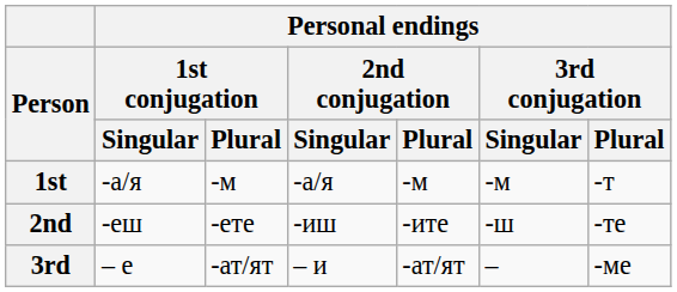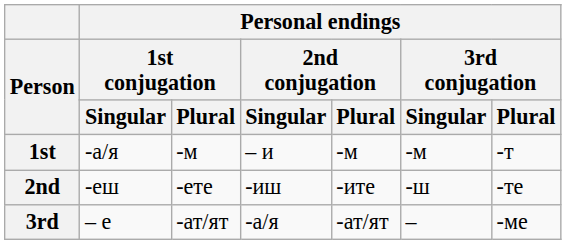 <table class="wikitable">
 <tr>
 <th></th>
 <th colspan="6">Personal endings</th>
 </tr>
 <tr>
 <th rowspan="2">Person</th>
 <th colspan="2">1st<br>conjugation</th>
 <th colspan="2">2nd<br>conjugation</th>
 <th colspan="2">3rd<br>conjugation</th>
 </tr>
 <tr>
 <th>Singular</th>
 <th>Plural</th>
 <th>Singular</th>
 <th>Plural</th>
 <th>Singular</th>
 <th>Plural</th>
 </tr>
 <tr>
 <th>1st</th>
 <td>-а/я</td>
 <td>-м</td>
-<td>-а/я</td>
+<td>– и</td>
 <td>-м</td>
 <td>-м</td>
 <td>-т</td>
 </tr>
 <tr>
 <th>2nd</th>
 <td>-еш</td>
 <td>-ете</td>
 <td>-иш</td>
 <td>-ите</td>
 <td>-ш</td>
 <td>-те</td>
 </tr>
 <tr>
 <th>3rd</th>
 <td>– е</td>
 <td>-ат/ят</td>
-<td>– и</td>
+<td>-а/я</td>
 <td>-ат/ят</td>
 <td>–</td>
 <td>-ме</td>
 </tr>
 </table>
